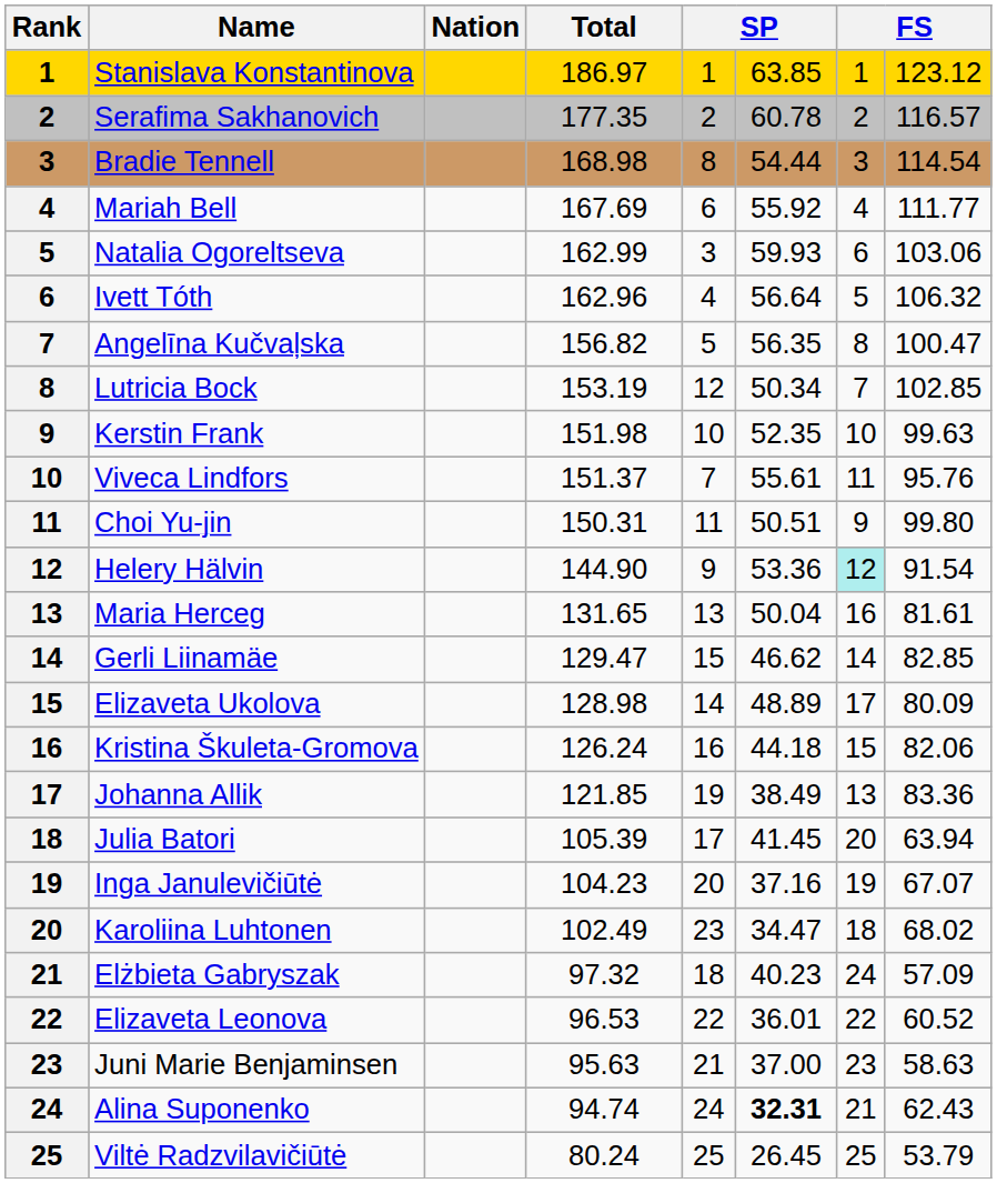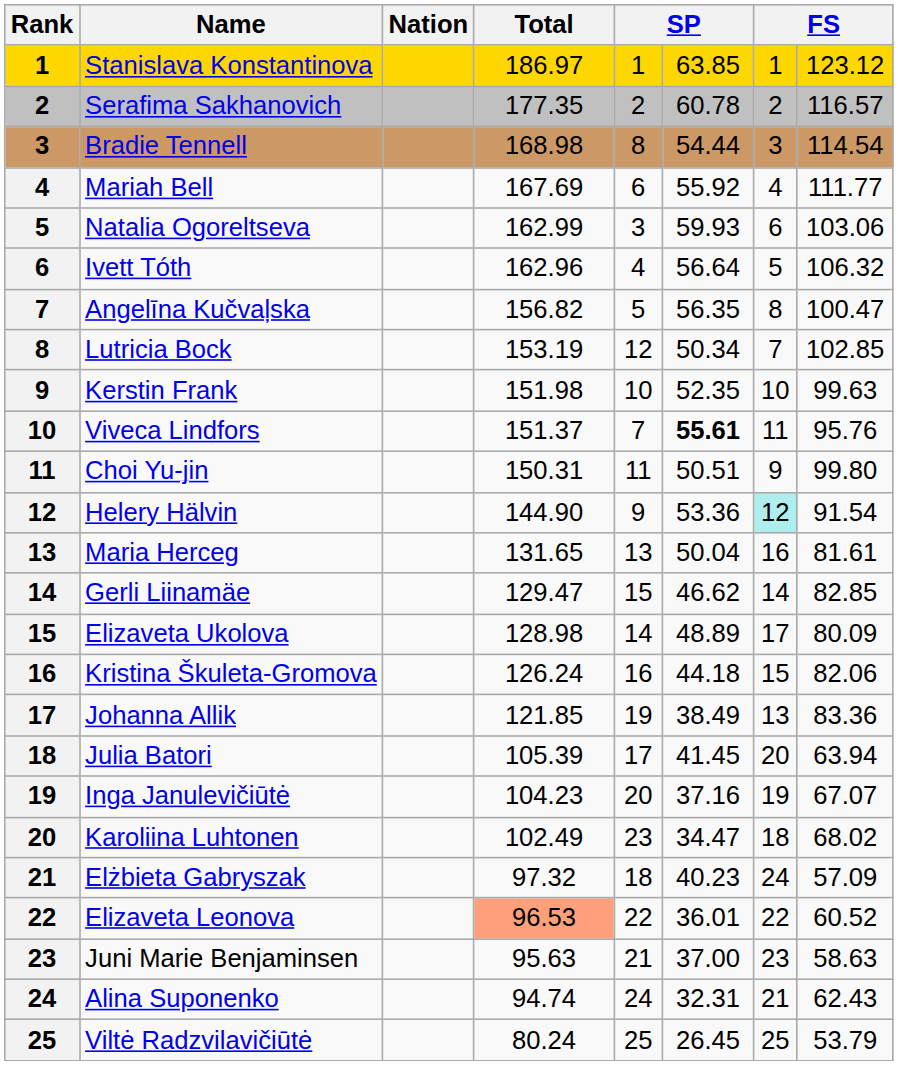 <table class="wikitable sortable">
 <tr>
 <th>Rank</th>
 <th>Name</th>
 <th>Nation</th>
 <th width="80px">Total</th>
 <th colspan="2" width="80px"><a href='#'>SP</a></th>
 <th colspan="2" width="80px"><a href='#'>FS</a></th>
 </tr>
 <tr bgcolor="gold">
 <td align="center"><strong>1</strong></td>
 <td><a href='#'>Stanislava Konstantinova</a></td>
 <td></td>
 <td align="center">186.97</td>
 <td align="center">1</td>
 <td align="center">63.85</td>
 <td align="center">1</td>
 <td align="center">123.12</td>
 </tr>
 <tr bgcolor="silver">
 <td align="center"><strong>2</strong></td>
 <td><a href='#'>Serafima Sakhanovich</a></td>
 <td></td>
 <td align="center">177.35</td>
 <td align="center">2</td>
 <td align="center">60.78</td>
 <td align="center">2</td>
 <td align="center">116.57</td>
 </tr>
 <tr bgcolor="cc9966">
 <td align="center"><strong>3</strong></td>
 <td><a href='#'>Bradie Tennell</a></td>
 <td></td>
 <td align="center">168.98</td>
 <td align="center">8</td>
 <td align="center">54.44</td>
 <td align="center">3</td>
 <td align="center">114.54</td>
 </tr>
 <tr>
 <th>4</th>
 <td><a href='#'>Mariah Bell</a></td>
 <td></td>
 <td align="center">167.69</td>
 <td align="center">6</td>
 <td align="center">55.92</td>
 <td align="center">4</td>
 <td align="center">111.77</td>
 </tr>
 <tr>
 <th>5</th>
 <td><a href='#'>Natalia Ogoreltseva</a></td>
 <td></td>
 <td align="center">162.99</td>
 <td align="center">3</td>
 <td align="center">59.93</td>
 <td align="center">6</td>
 <td align="center">103.06</td>
 </tr>
 <tr>
 <th>6</th>
 <td><a href='#'>Ivett Tóth</a></td>
 <td></td>
 <td align="center">162.96</td>
 <td align="center">4</td>
 <td align="center">56.64</td>
 <td align="center">5</td>
 <td align="center">106.32</td>
 </tr>
 <tr>
 <th>7</th>
 <td><a href='#'>Angelīna Kučvaļska</a></td>
 <td></td>
 <td align="center">156.82</td>
 <td align="center">5</td>
 <td align="center">56.35</td>
 <td align="center">8</td>
 <td align="center">100.47</td>
 </tr>
 <tr>
 <th>8</th>
 <td><a href='#'>Lutricia Bock</a></td>
 <td></td>
 <td align="center">153.19</td>
 <td align="center">12</td>
 <td align="center">50.34</td>
 <td align="center">7</td>
 <td align="center">102.85</td>
 </tr>
 <tr>
 <th>9</th>
 <td><a href='#'>Kerstin Frank</a></td>
 <td></td>
 <td align="center">151.98</td>
 <td align="center">10</td>
 <td align="center">52.35</td>
 <td align="center">10</td>
 <td align="center">99.63</td>
 </tr>
 <tr>
 <th>10</th>
 <td><a href='#'>Viveca Lindfors</a></td>
 <td></td>
 <td align="center">151.37</td>
 <td align="center">7</td>
-<td align="center">55.61</td>
+<td align="center"><strong>55.61</strong></td>
 <td align="center">11</td>
 <td align="center">95.76</td>
 </tr>
 <tr>
 <th>11</th>
 <td><a href='#'>Choi Yu-jin</a></td>
 <td></td>
 <td align="center">150.31</td>
 <td align="center">11</td>
 <td align="center">50.51</td>
 <td align="center">9</td>
 <td align="center">99.80</td>
 </tr>
 <tr>
 <th>12</th>
 <td><a href='#'>Helery Hälvin</a></td>
 <td></td>
 <td align="center">144.90</td>
 <td align="center">9</td>
 <td align="center">53.36</td>
 <td align="center" style="background: paleturquoise;">12</td>
 <td align="center">91.54</td>
 </tr>
 <tr>
 <th>13</th>
 <td><a href='#'>Maria Herceg</a></td>
 <td></td>
 <td align="center">131.65</td>
 <td align="center">13</td>
 <td align="center">50.04</td>
 <td align="center">16</td>
 <td align="center">81.61</td>
 </tr>
 <tr>
 <th>14</th>
 <td><a href='#'>Gerli Liinamäe</a></td>
 <td></td>
 <td align="center">129.47</td>
 <td align="center">15</td>
 <td align="center">46.62</td>
 <td align="center">14</td>
 <td align="center">82.85</td>
 </tr>
 <tr>
 <th>15</th>
 <td><a href='#'>Elizaveta Ukolova</a></td>
 <td></td>
 <td align="center">128.98</td>
 <td align="center">14</td>
 <td align="center">48.89</td>
 <td align="center">17</td>
 <td align="center">80.09</td>
 </tr>
 <tr>
 <th>16</th>
 <td><a href='#'>Kristina Škuleta-Gromova</a></td>
 <td></td>
 <td align="center">126.24</td>
 <td align="center">16</td>
 <td align="center">44.18</td>
 <td align="center">15</td>
 <td align="center">82.06</td>
 </tr>
 <tr>
 <th>17</th>
 <td><a href='#'>Johanna Allik</a></td>
 <td></td>
 <td align="center">121.85</td>
 <td align="center">19</td>
 <td align="center">38.49</td>
 <td align="center">13</td>
 <td align="center">83.36</td>
 </tr>
 <tr>
 <th>18</th>
 <td><a href='#'>Julia Batori</a></td>
 <td></td>
 <td align="center">105.39</td>
 <td align="center">17</td>
 <td align="center">41.45</td>
 <td align="center">20</td>
 <td align="center">63.94</td>
 </tr>
 <tr>
 <th>19</th>
 <td><a href='#'>Inga Janulevičiūtė</a></td>
 <td></td>
 <td align="center">104.23</td>
 <td align="center">20</td>
 <td align="center">37.16</td>
 <td align="center">19</td>
 <td align="center">67.07</td>
 </tr>
 <tr>
 <th>20</th>
 <td><a href='#'>Karoliina Luhtonen</a></td>
 <td></td>
 <td align="center">102.49</td>
 <td align="center">23</td>
 <td align="center">34.47</td>
 <td align="center">18</td>
 <td align="center">68.02</td>
 </tr>
 <tr>
 <th>21</th>
 <td><a href='#'>Elżbieta Gabryszak</a></td>
 <td></td>
 <td align="center">97.32</td>
 <td align="center">18</td>
 <td align="center">40.23</td>
 <td align="center">24</td>
 <td align="center">57.09</td>
 </tr>
 <tr>
 <th>22</th>
 <td><a href='#'>Elizaveta Leonova</a></td>
 <td></td>
-<td align="center">96.53</td>
+<td align="center" style="background: lightsalmon;">96.53</td>
 <td align="center">22</td>
 <td align="center">36.01</td>
 <td align="center">22</td>
 <td align="center">60.52</td>
 </tr>
 <tr>
 <th>23</th>
 <td>Juni Marie Benjaminsen</td>
 <td></td>
 <td align="center">95.63</td>
 <td align="center">21</td>
 <td align="center">37.00</td>
 <td align="center">23</td>
 <td align="center">58.63</td>
 </tr>
 <tr>
 <th>24</th>
 <td><a href='#'>Alina Suponenko</a></td>
 <td></td>
 <td align="center">94.74</td>
 <td align="center">24</td>
-<td align="center"><strong>32.31</strong></td>
+<td align="center">32.31</td>
 <td align="center">21</td>
 <td align="center">62.43</td>
 </tr>
 <tr>
 <th>25</th>
 <td><a href='#'>Viltė Radzvilavičiūtė</a></td>
 <td></td>
 <td align="center">80.24</td>
 <td align="center">25</td>
 <td align="center">26.45</td>
 <td align="center">25</td>
 <td align="center">53.79</td>
 </tr>
 </table>
